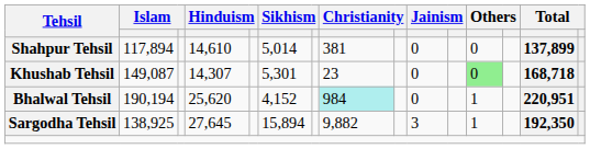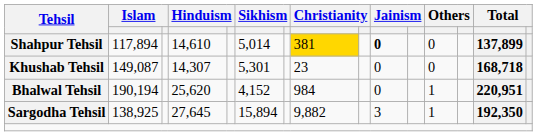 <table class="wikitable sortable">
 <tr>
 <th rowspan="2"><a href='#'>Tehsil</a></th>
 <th colspan="2"><a href='#'>Islam</a> </th>
 <th colspan="2"><a href='#'>Hinduism</a> </th>
 <th colspan="2"><a href='#'>Sikhism</a> </th>
 <th colspan="2"><a href='#'>Christianity</a> </th>
 <th colspan="2"><a href='#'>Jainism</a> </th>
 <th colspan="2">Others</th>
 <th colspan="2">Total</th>
 </tr>
 <tr>
 <th><a href='#'></a></th>
 <th></th>
 <th></th>
 <th></th>
 <th></th>
 <th></th>
 <th></th>
 <th></th>
 <th></th>
 <th></th>
 <th></th>
 <th></th>
 <th></th>
 <th></th>
 </tr>
 <tr>
 <th>Shahpur Tehsil</th>
 <td>117,894</td>
 <td></td>
 <td>14,610</td>
 <td></td>
 <td>5,014</td>
 <td></td>
-<td>381</td>
+<td style="background: gold;">381</td>
 <td></td>
-<td>0</td>
+<td><strong>0</strong></td>
 <td></td>
 <td>0</td>
 <td></td>
 <th>137,899</th>
 <th></th>
 </tr>
 <tr>
 <th>Khushab Tehsil</th>
 <td>149,087</td>
 <td></td>
 <td>14,307</td>
 <td></td>
 <td>5,301</td>
 <td></td>
 <td>23</td>
 <td></td>
 <td>0</td>
 <td></td>
-<td style="background: lightgreen;">0</td>
+<td>0</td>
 <td></td>
 <th>168,718</th>
 <th></th>
 </tr>
 <tr>
 <th>Bhalwal Tehsil</th>
 <td>190,194</td>
 <td></td>
 <td>25,620</td>
 <td></td>
 <td>4,152</td>
 <td></td>
-<td style="background: paleturquoise;">984</td>
+<td>984</td>
 <td></td>
 <td>0</td>
 <td></td>
 <td>1</td>
 <td></td>
 <th>220,951</th>
 <th></th>
 </tr>
 <tr>
 <th>Sargodha Tehsil</th>
 <td>138,925</td>
 <td></td>
 <td>27,645</td>
 <td></td>
 <td>15,894</td>
 <td></td>
 <td>9,882</td>
 <td></td>
 <td>3</td>
 <td></td>
 <td>1</td>
 <td></td>
 <th>192,350</th>
 <th></th>
 </tr>
 <tr class="sortbottom">
 <td colspan="15"></td>
 </tr>
 </table>
